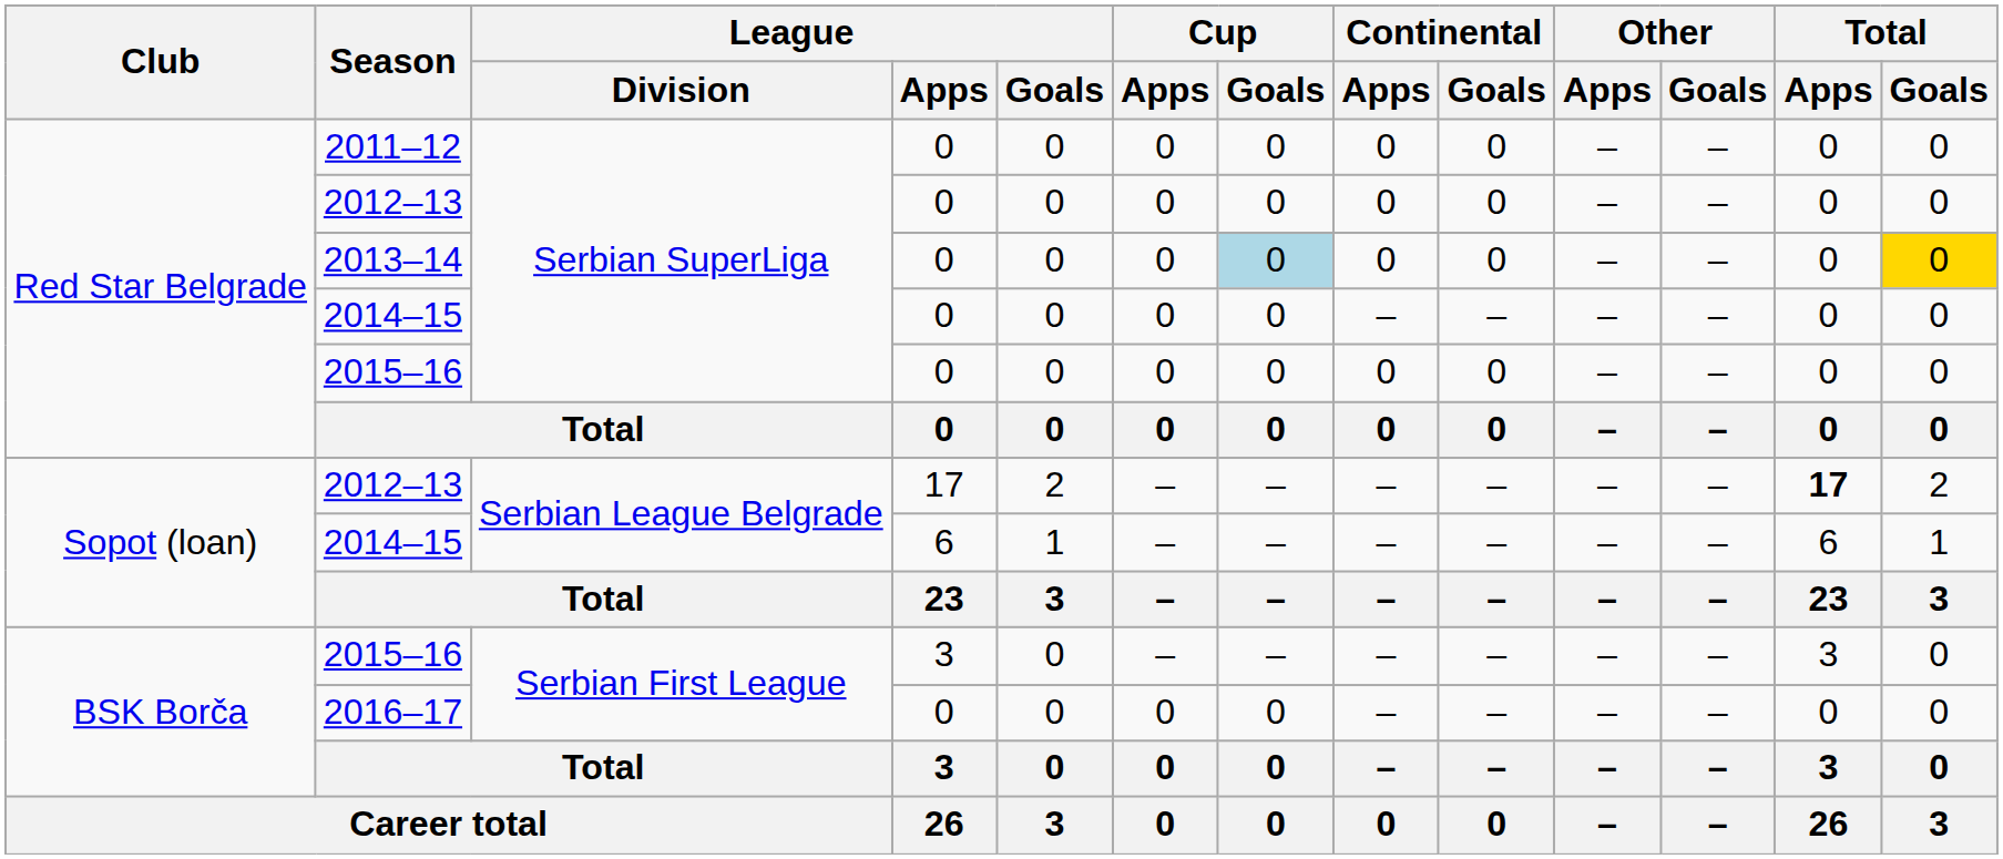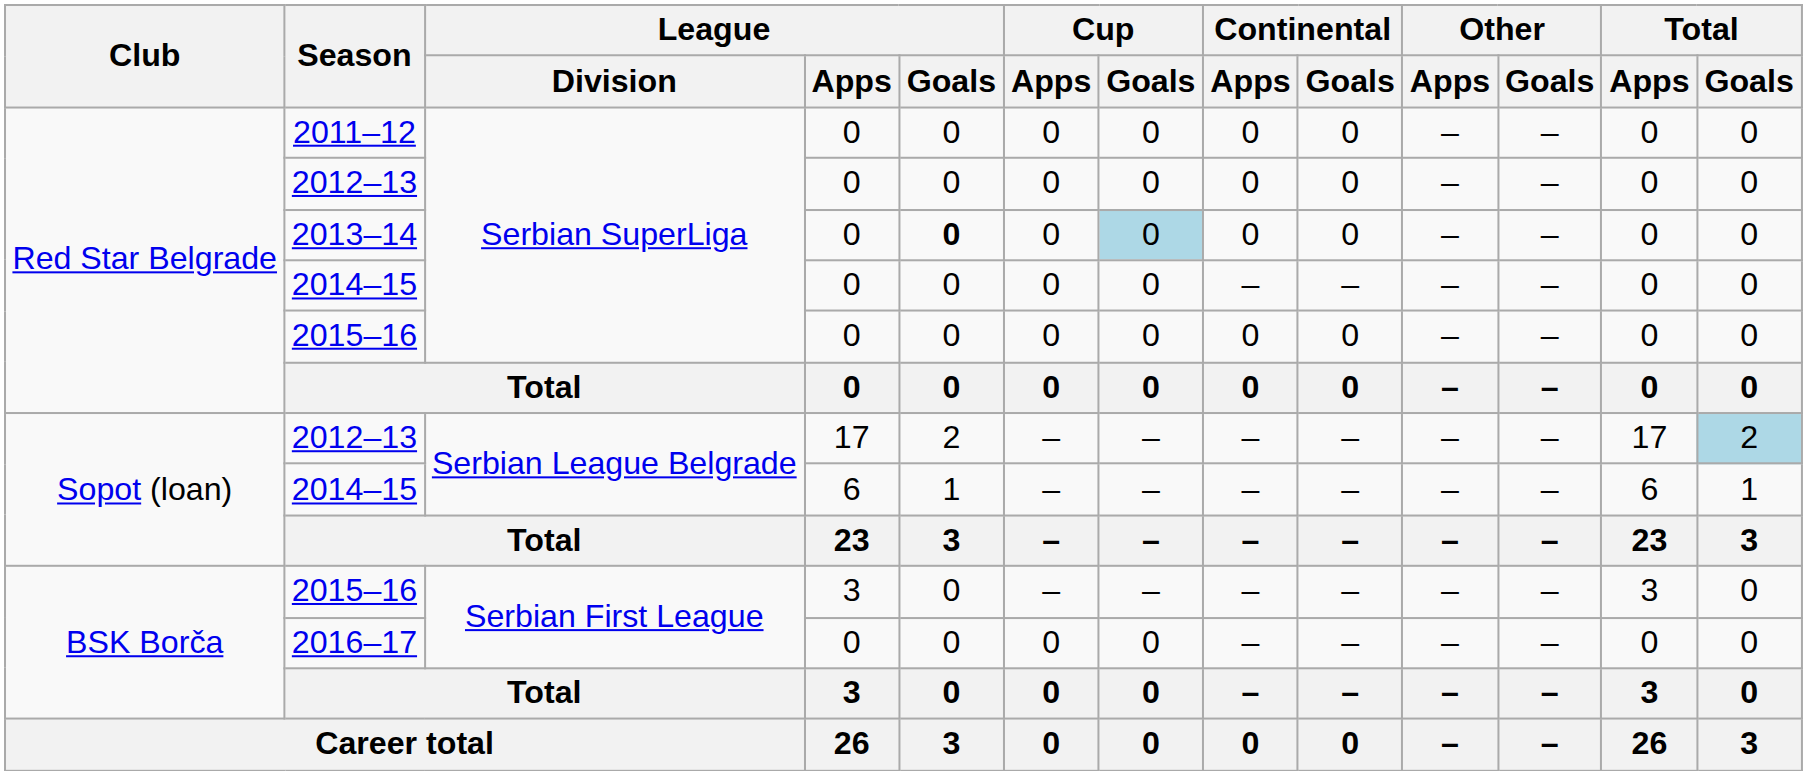 <table class="wikitable" style="text-align:center">
 <tr>
 <th rowspan="2">Club</th>
 <th rowspan="2">Season</th>
 <th colspan="3">League</th>
 <th colspan="2">Cup</th>
 <th colspan="2">Continental</th>
 <th colspan="2">Other</th>
 <th colspan="2">Total</th>
 </tr>
 <tr>
 <th>Division</th>
 <th>Apps</th>
 <th>Goals</th>
 <th>Apps</th>
 <th>Goals</th>
 <th>Apps</th>
 <th>Goals</th>
 <th>Apps</th>
 <th>Goals</th>
 <th>Apps</th>
 <th>Goals</th>
 </tr>
 <tr>
 <td rowspan="6"><a href='#'>Red Star Belgrade</a></td>
 <td><a href='#'>2011–12</a></td>
 <td rowspan=5><a href='#'>Serbian SuperLiga</a></td>
 <td>0</td>
 <td>0</td>
 <td>0</td>
 <td>0</td>
 <td>0</td>
 <td>0</td>
 <td>–</td>
 <td>–</td>
 <td>0</td>
 <td>0</td>
 </tr>
 <tr>
 <td><a href='#'>2012–13</a></td>
 <td>0</td>
 <td>0</td>
 <td>0</td>
 <td>0</td>
 <td>0</td>
 <td>0</td>
 <td>–</td>
 <td>–</td>
 <td>0</td>
 <td>0</td>
 </tr>
 <tr>
 <td><a href='#'>2013–14</a></td>
 <td>0</td>
-<td>0</td>
+<td><strong>0</strong></td>
 <td>0</td>
 <td style="background: lightblue;">0</td>
 <td>0</td>
 <td>0</td>
 <td>–</td>
 <td>–</td>
 <td>0</td>
-<td style="background: gold;">0</td>
+<td>0</td>
 </tr>
 <tr>
 <td><a href='#'>2014–15</a></td>
 <td>0</td>
 <td>0</td>
 <td>0</td>
 <td>0</td>
 <td>–</td>
 <td>–</td>
 <td>–</td>
 <td>–</td>
 <td>0</td>
 <td>0</td>
 </tr>
 <tr>
 <td><a href='#'>2015–16</a></td>
 <td>0</td>
 <td>0</td>
 <td>0</td>
 <td>0</td>
 <td>0</td>
 <td>0</td>
 <td>–</td>
 <td>–</td>
 <td>0</td>
 <td>0</td>
 </tr>
 <tr>
 <th colspan="2">Total</th>
 <th>0</th>
 <th>0</th>
 <th>0</th>
 <th>0</th>
 <th>0</th>
 <th>0</th>
 <th>–</th>
 <th>–</th>
 <th>0</th>
 <th>0</th>
 </tr>
 <tr>
 <td rowspan="3"><a href='#'>Sopot</a> (loan)</td>
 <td><a href='#'>2012–13</a></td>
 <td rowspan=2><a href='#'>Serbian League Belgrade</a></td>
 <td>17</td>
 <td>2</td>
 <td>–</td>
 <td>–</td>
 <td>–</td>
 <td>–</td>
 <td>–</td>
 <td>–</td>
-<td><strong>17</strong></td>
-<td>2</td>
+<td>17</td>
+<td style="background: lightblue;">2</td>
 </tr>
 <tr>
 <td><a href='#'>2014–15</a></td>
 <td>6</td>
 <td>1</td>
 <td>–</td>
 <td>–</td>
 <td>–</td>
 <td>–</td>
 <td>–</td>
 <td>–</td>
 <td>6</td>
 <td>1</td>
 </tr>
 <tr>
 <th colspan="2">Total</th>
 <th>23</th>
 <th>3</th>
 <th>–</th>
 <th>–</th>
 <th>–</th>
 <th>–</th>
 <th>–</th>
 <th>–</th>
 <th>23</th>
 <th>3</th>
 </tr>
 <tr>
 <td rowspan="3"><a href='#'>BSK Borča</a></td>
 <td><a href='#'>2015–16</a></td>
 <td rowspan=2><a href='#'>Serbian First League</a></td>
 <td>3</td>
 <td>0</td>
 <td>–</td>
 <td>–</td>
 <td>–</td>
 <td>–</td>
 <td>–</td>
 <td>–</td>
 <td>3</td>
 <td>0</td>
 </tr>
 <tr>
 <td><a href='#'>2016–17</a></td>
 <td>0</td>
 <td>0</td>
 <td>0</td>
 <td>0</td>
 <td>–</td>
 <td>–</td>
 <td>–</td>
 <td>–</td>
 <td>0</td>
 <td>0</td>
 </tr>
 <tr>
 <th colspan="2">Total</th>
 <th>3</th>
 <th>0</th>
 <th>0</th>
 <th>0</th>
 <th>–</th>
 <th>–</th>
 <th>–</th>
 <th>–</th>
 <th>3</th>
 <th>0</th>
 </tr>
 <tr>
 <th colspan="3">Career total</th>
 <th>26</th>
 <th>3</th>
 <th>0</th>
 <th>0</th>
 <th>0</th>
 <th>0</th>
 <th>–</th>
 <th>–</th>
 <th>26</th>
 <th>3</th>
 </tr>
 </table>
